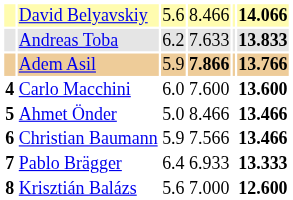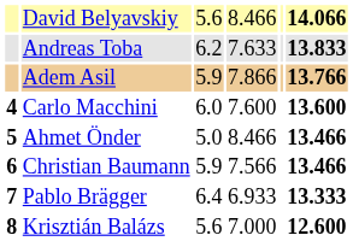 <table>
 <tr style="background:#fffcaf;">
 <th scope=row style="text-align:center"></th>
 <td style="text-align:left;"> <a href='#'>David Belyavskiy</a></td>
 <td>5.6</td>
 <td>8.466</td>
 <td></td>
 <td><strong>14.066</strong></td>
 </tr>
 <tr style="background:#e5e5e5;">
 <th scope=row style="text-align:center"></th>
 <td style="text-align:left;"> <a href='#'>Andreas Toba</a></td>
 <td>6.2</td>
 <td>7.633</td>
 <td></td>
 <td><strong>13.833</strong></td>
 </tr>
 <tr style="background:#ec9;">
 <th scope=row style="text-align:center"></th>
 <td style="text-align:left;"> <a href='#'>Adem Asil</a></td>
 <td>5.9</td>
-<td><strong>7.866</strong></td>
+<td>7.866</td>
 <td></td>
 <td><strong>13.766</strong></td>
 </tr>
 <tr>
 <th scope=row style="text-align:center">4</th>
 <td style="text-align:left;"> <a href='#'>Carlo Macchini</a></td>
 <td>6.0</td>
 <td>7.600</td>
 <td></td>
 <td><strong>13.600</strong></td>
 </tr>
 <tr>
 <th scope=row style="text-align:center">5</th>
 <td style="text-align:left;"> <a href='#'>Ahmet Önder</a></td>
 <td>5.0</td>
 <td>8.466</td>
 <td></td>
 <td><strong>13.466</strong></td>
 </tr>
 <tr>
 <th scope=row style="text-align:center">6</th>
 <td style="text-align:left;"> <a href='#'>Christian Baumann</a></td>
 <td>5.9</td>
 <td>7.566</td>
 <td></td>
 <td><strong>13.466</strong></td>
 </tr>
 <tr>
 <th scope=row style="text-align:center">7</th>
 <td style="text-align:left;"> <a href='#'>Pablo Brägger</a></td>
 <td>6.4</td>
 <td>6.933</td>
 <td></td>
 <td><strong>13.333</strong></td>
 </tr>
 <tr>
 <th scope=row style="text-align:center">8</th>
 <td style="text-align:left;"> <a href='#'>Krisztián Balázs</a></td>
 <td>5.6</td>
 <td>7.000</td>
 <td></td>
 <td><strong>12.600</strong></td>
 </tr>
 </table>
